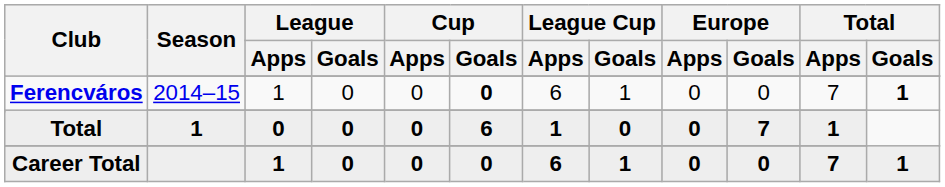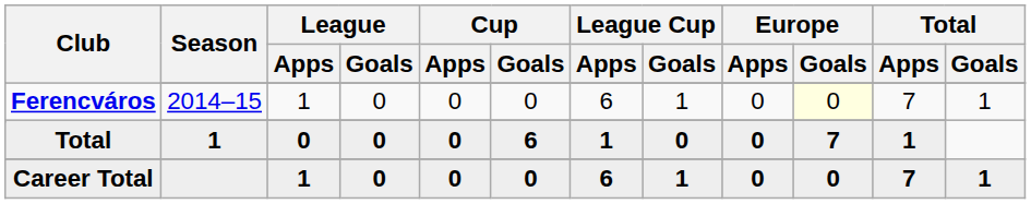 <table class="wikitable" style="font-size:90%; text-align: center;">
 <tr>
 <th rowspan="2">Club</th>
 <th rowspan="2">Season</th>
 <th colspan="2">League</th>
 <th colspan="2">Cup</th>
 <th colspan="2">League Cup</th>
 <th colspan="2">Europe</th>
 <th colspan="2">Total</th>
 </tr>
 <tr>
 <th>Apps</th>
 <th>Goals</th>
 <th>Apps</th>
 <th>Goals</th>
 <th>Apps</th>
 <th>Goals</th>
 <th>Apps</th>
 <th>Goals</th>
 <th>Apps</th>
 <th>Goals</th>
 </tr>
 <tr ||-||-||-|->
 <td rowspan="3" valign="center"><strong><a href='#'>Ferencváros</a></strong></td>
 </tr>
 <tr>
 <td><a href='#'>2014–15</a></td>
 <td>1</td>
 <td>0</td>
 <td>0</td>
-<td><strong>0</strong></td>
+<td>0</td>
 <td>6</td>
 <td>1</td>
 <td>0</td>
-<td>0</td>
+<td style="background: lightyellow;">0</td>
 <td>7</td>
-<td><strong>1</strong></td>
+<td>1</td>
 </tr>
 <tr>
 </tr>
 <tr style="font-weight:bold; background-color:#eeeeee;">
 <td>Total</td>
 <td>1</td>
 <td>0</td>
 <td>0</td>
 <td>0</td>
 <td>6</td>
 <td>1</td>
 <td>0</td>
 <td>0</td>
 <td>7</td>
 <td>1</td>
 </tr>
 <tr>
 </tr>
 <tr style="font-weight:bold; background-color:#eeeeee;">
 <td rowspan="2" valign="top"><strong>Career Total</strong></td>
 <td></td>
 <td><strong>1</strong></td>
 <td><strong>0</strong></td>
 <td><strong>0</strong></td>
 <td><strong>0</strong></td>
 <td><strong>6</strong></td>
 <td><strong>1</strong></td>
 <td><strong>0</strong></td>
 <td><strong>0</strong></td>
 <td><strong>7</strong></td>
 <td><strong>1</strong></td>
 </tr>
 </table>
